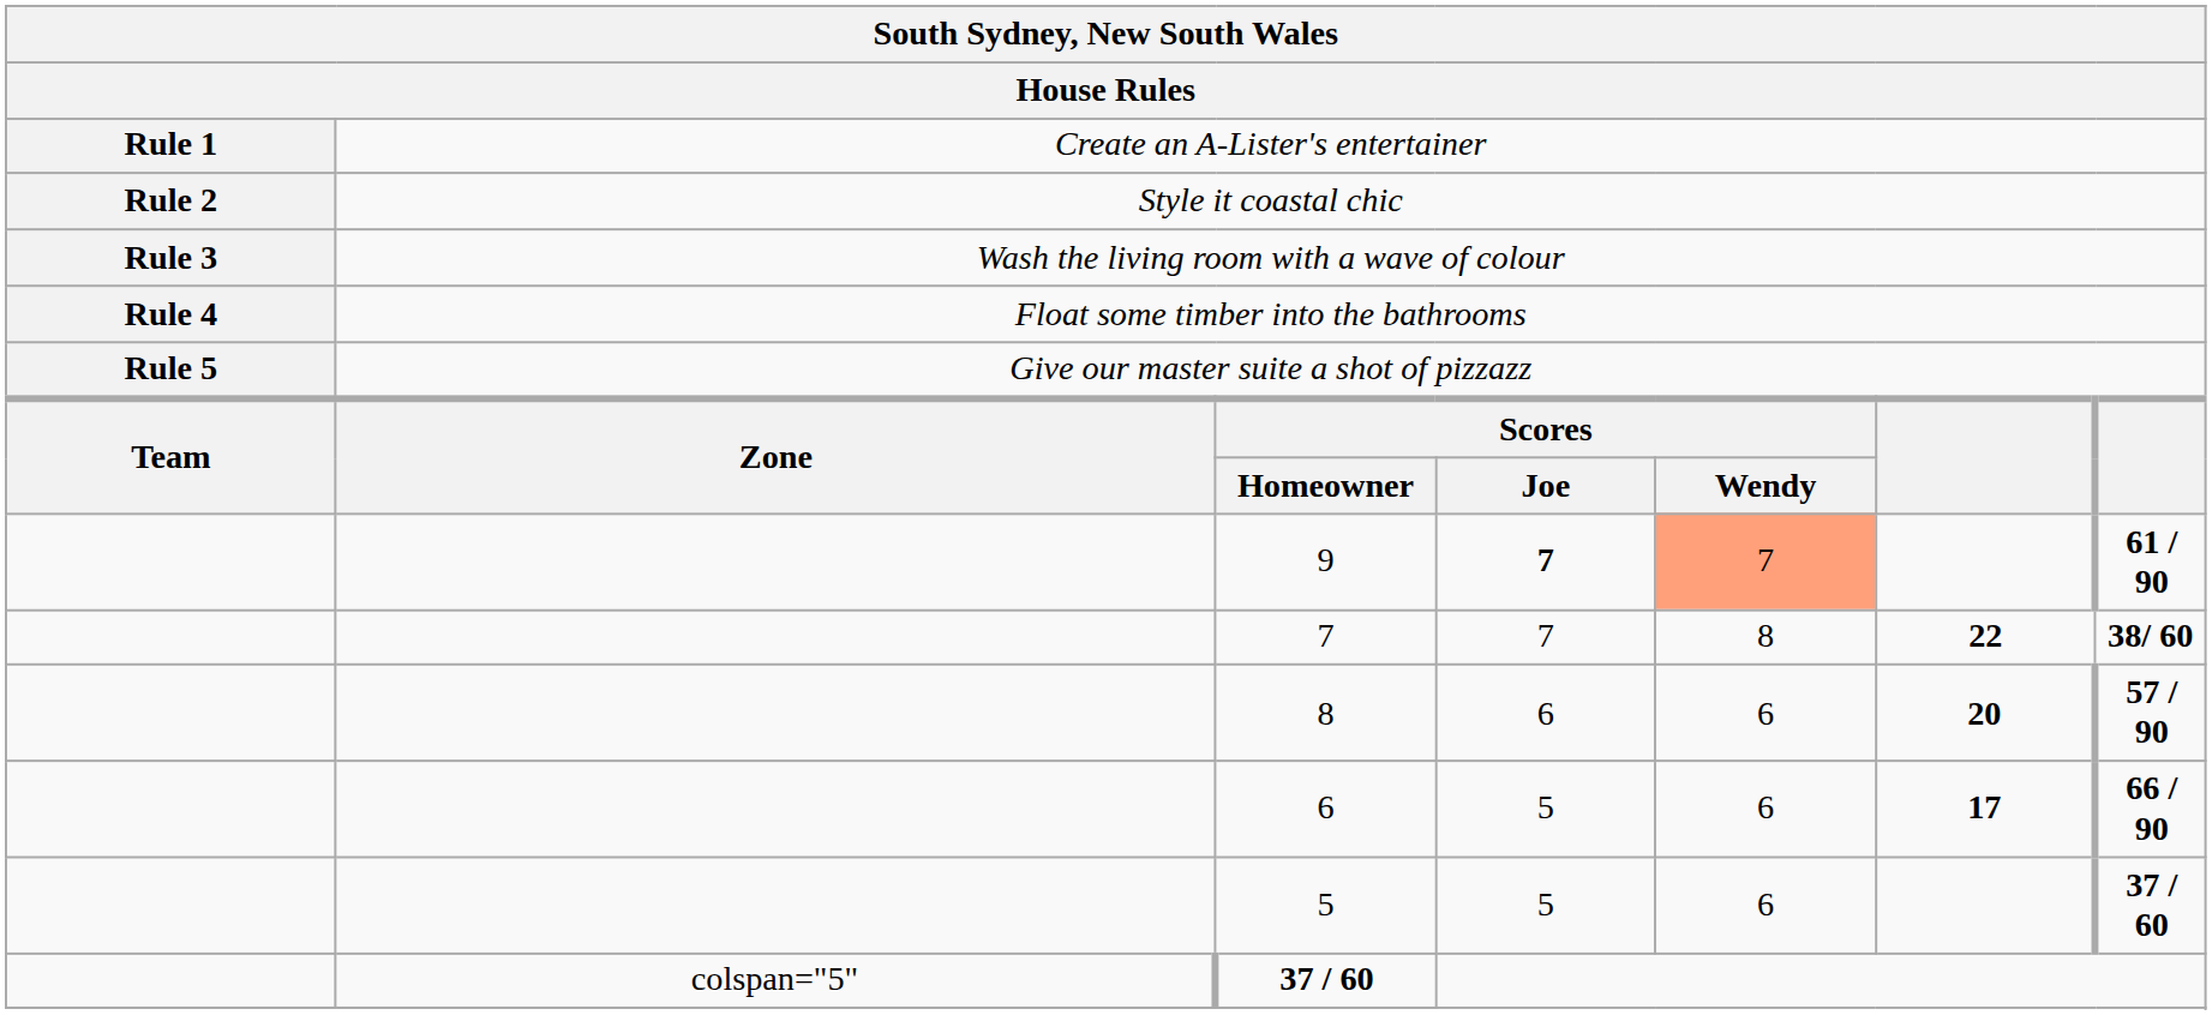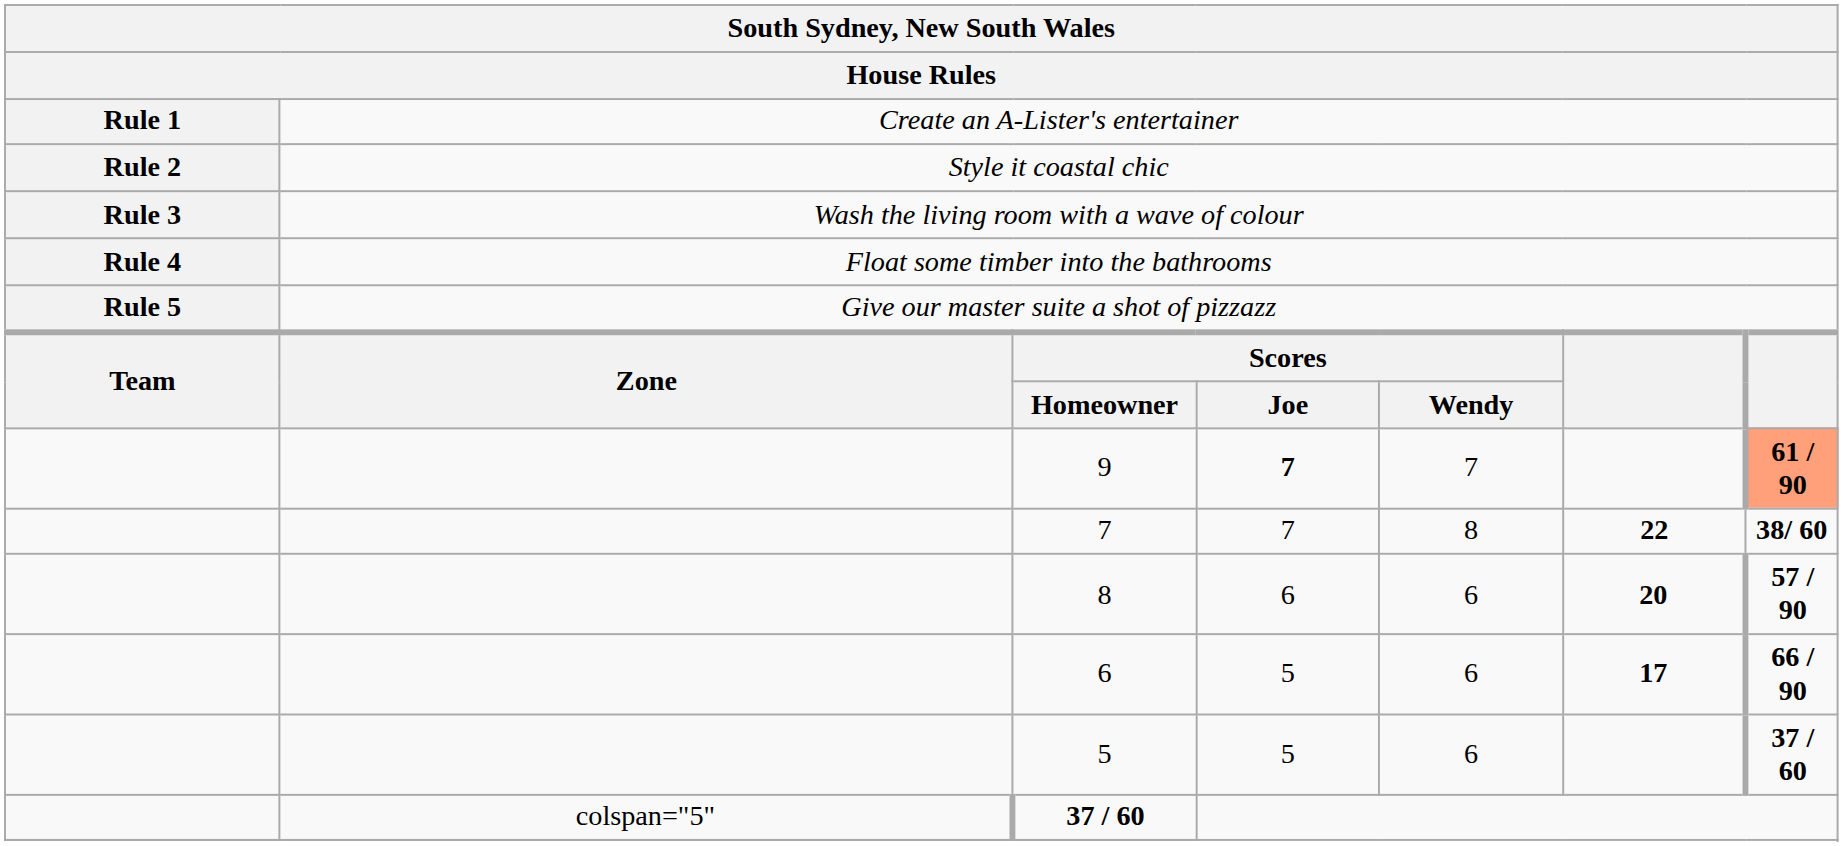 <table class="wikitable plainrowheaders" style="text-align:center; font-size:90%; width:65em;">
 <tr>
 <th colspan="7" >South Sydney, New South Wales</th>
 </tr>
 <tr>
 <th colspan="7">House Rules</th>
 </tr>
 <tr>
 <th>Rule 1</th>
 <td colspan="6"><em>Create an A-Lister's entertainer</em></td>
 </tr>
 <tr>
 <th>Rule 2</th>
 <td colspan="6"><em>Style it coastal chic</em></td>
 </tr>
 <tr>
 <th>Rule 3</th>
 <td colspan="6"><em>Wash the living room with a wave of colour</em></td>
 </tr>
 <tr>
 <th>Rule 4</th>
 <td colspan="6"><em>Float some timber into the bathrooms</em></td>
 </tr>
 <tr>
 <th>Rule 5</th>
 <td colspan="6"><em>Give our master suite a shot of pizzazz</em></td>
 </tr>
 <tr style="border-top:3px solid #aaa;">
 <th rowspan="2">Team</th>
 <th rowspan="2" style="width:40%;">Zone</th>
 <th colspan="3" style="width:40%;">Scores</th>
 <th rowspan="2" style="width:10%;"></th>
 <th rowspan="2" style="width:10%; border-left:3px solid #aaa;"></th>
 </tr>
 <tr>
 <th style="width:10%;">Homeowner</th>
 <th style="width:10%;">Joe</th>
 <th style="width:10%;">Wendy</th>
 </tr>
 <tr>
 <td style="width:15%;"></td>
 <td></td>
 <td>9</td>
 <td><strong>7</strong></td>
-<td style="background: lightsalmon;">7</td>
+<td>7</td>
 <td></td>
-<td style="border-left:3px solid #aaa;"><strong>61 / 90</strong></td>
+<td style="background: lightsalmon; border-left:3px solid #aaa;"><strong>61 / 90</strong></td>
 </tr>
 <tr>
 <td style="width:15%;"></td>
 <td></td>
 <td>7</td>
 <td>7</td>
 <td>8</td>
 <td><strong>22</strong></td>
 <td><strong>38/ 60</strong></td>
 </tr>
 <tr>
 <td style="width:15%;"></td>
 <td></td>
 <td>8</td>
 <td>6</td>
 <td>6</td>
 <td><strong>20</strong></td>
 <td style="border-left:3px solid #aaa;"><strong>57 / 90</strong></td>
 </tr>
 <tr>
 <td style="width:15%;"></td>
 <td></td>
 <td>6</td>
 <td>5</td>
 <td>6</td>
 <td><strong>17</strong></td>
 <td style="border-left:3px solid #aaa;"><strong>66 / 90</strong></td>
 </tr>
 <tr>
 <td style="width:15%;"></td>
 <td></td>
 <td>5</td>
 <td>5</td>
 <td>6</td>
 <td></td>
 <td style="border-left:3px solid #aaa;"><strong>37 / 60</strong></td>
 </tr>
 <tr>
 <td style="width:15%;"></td>
 <td>colspan="5" </td>
 <td style="border-left:3px solid #aaa;"><strong>37 / 60</strong></td>
 </tr>
 <tr>
 </tr>
 </table>
